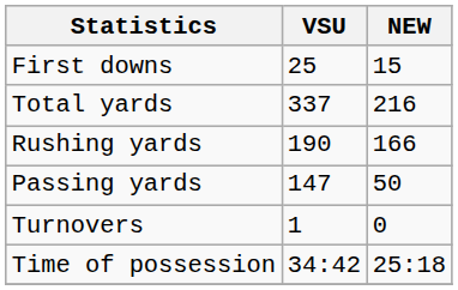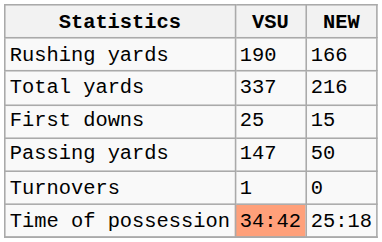 <table class="wikitable">
 <tr>
 <th>Statistics</th>
 <th>VSU</th>
 <th>NEW</th>
 </tr>
 <tr>
-<td>First downs</td>
-<td>25</td>
-<td>15</td>
+<td>Rushing yards</td>
+<td>190</td>
+<td>166</td>
 </tr>
 <tr>
 <td>Total yards</td>
 <td>337</td>
 <td>216</td>
 </tr>
 <tr>
-<td>Rushing yards</td>
-<td>190</td>
-<td>166</td>
+<td>First downs</td>
+<td>25</td>
+<td>15</td>
 </tr>
 <tr>
 <td>Passing yards</td>
 <td>147</td>
 <td>50</td>
 </tr>
 <tr>
 <td>Turnovers</td>
 <td>1</td>
 <td>0</td>
 </tr>
 <tr>
 <td>Time of possession</td>
-<td>34:42</td>
+<td style="background: lightsalmon;">34:42</td>
 <td>25:18</td>
 </tr>
 <tr>
 </tr>
 </table>
